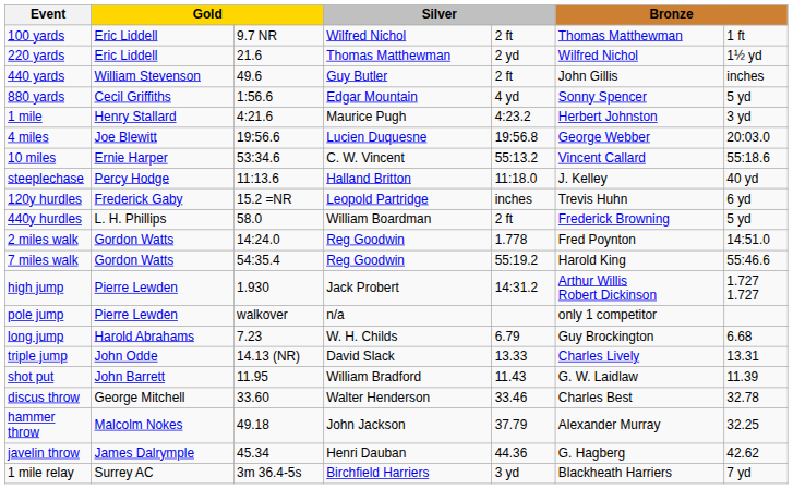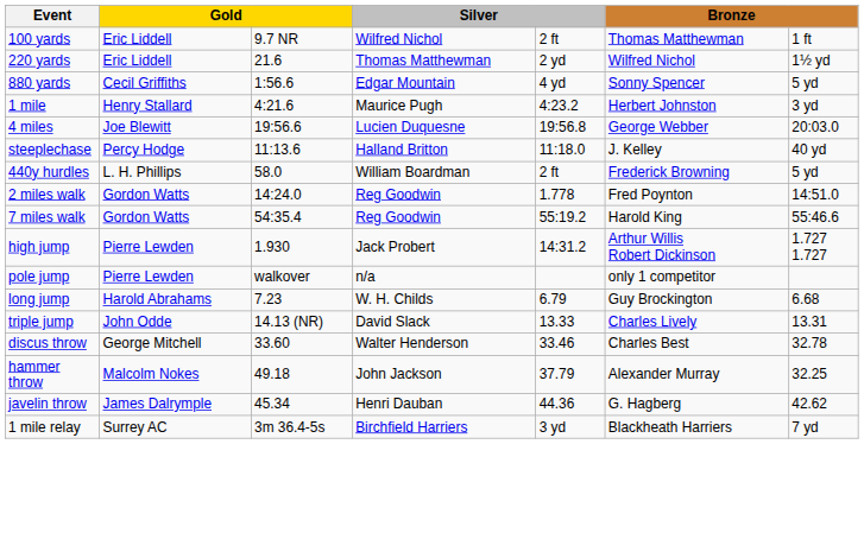 <table class="wikitable" style="text-align:left">
 <tr>
 <th width=100>Event</th>
 <th colspan="2" width="280" style="background:gold;">Gold</th>
 <th colspan="2" width="280" style="background:silver;">Silver</th>
 <th colspan="2" width="280" style="background:#CD7F32;">Bronze</th>
 </tr>
 <tr>
 <td><a href='#'>100 yards</a></td>
 <td> <a href='#'>Eric Liddell</a></td>
 <td>9.7 NR</td>
 <td><a href='#'>Wilfred Nichol</a></td>
 <td>2 ft</td>
 <td><a href='#'>Thomas Matthewman</a></td>
 <td>1 ft</td>
 </tr>
 <tr>
 <td><a href='#'>220 yards</a></td>
 <td> <a href='#'>Eric Liddell</a></td>
 <td>21.6</td>
 <td><a href='#'>Thomas Matthewman</a></td>
 <td>2 yd</td>
 <td><a href='#'>Wilfred Nichol</a></td>
 <td>1½ yd</td>
-</tr>
-<tr>
-<td><a href='#'>440 yards</a></td>
-<td> <a href='#'>William Stevenson</a></td>
-<td>49.6</td>
-<td><a href='#'>Guy Butler</a></td>
-<td>2 ft</td>
-<td>John Gillis</td>
-<td>inches</td>
 </tr>
 <tr>
 <td><a href='#'>880 yards</a></td>
 <td> <a href='#'>Cecil Griffiths</a></td>
 <td>1:56.6</td>
 <td><a href='#'>Edgar Mountain</a></td>
 <td>4 yd</td>
 <td><a href='#'>Sonny Spencer</a></td>
 <td>5 yd</td>
 </tr>
 <tr>
 <td><a href='#'>1 mile</a></td>
 <td><a href='#'>Henry Stallard</a></td>
 <td>4:21.6</td>
 <td>Maurice Pugh</td>
 <td>4:23.2</td>
 <td><a href='#'>Herbert Johnston</a></td>
 <td>3 yd</td>
 </tr>
 <tr>
 <td><a href='#'>4 miles</a></td>
 <td><a href='#'>Joe Blewitt</a></td>
 <td>19:56.6</td>
 <td> <a href='#'>Lucien Duquesne</a></td>
 <td>19:56.8</td>
 <td><a href='#'>George Webber</a></td>
 <td>20:03.0</td>
 </tr>
 <tr>
-<td><a href='#'>10 miles</a></td>
-<td><a href='#'>Ernie Harper</a></td>
-<td>53:34.6</td>
-<td>C. W. Vincent</td>
-<td>55:13.2</td>
-<td> <a href='#'>Vincent Callard</a></td>
-<td>55:18.6</td>
-</tr>
-<tr>
 <td><a href='#'>steeplechase</a></td>
 <td><a href='#'>Percy Hodge</a></td>
 <td>11:13.6</td>
 <td><a href='#'>Halland Britton</a></td>
 <td>11:18.0</td>
 <td>J. Kelley</td>
 <td>40 yd</td>
-</tr>
-<tr>
-<td><a href='#'>120y hurdles</a></td>
-<td><a href='#'>Frederick Gaby</a></td>
-<td>15.2 =NR</td>
-<td><a href='#'>Leopold Partridge</a></td>
-<td>inches</td>
-<td> Trevis Huhn</td>
-<td>6 yd</td>
 </tr>
 <tr>
 <td><a href='#'>440y hurdles</a></td>
 <td>L. H. Phillips</td>
 <td>58.0</td>
 <td>William Boardman</td>
 <td>2 ft</td>
 <td><a href='#'>Frederick Browning</a></td>
 <td>5 yd</td>
 </tr>
 <tr>
 <td><a href='#'>2 miles walk</a></td>
 <td><a href='#'>Gordon Watts</a></td>
 <td>14:24.0</td>
 <td><a href='#'>Reg Goodwin</a></td>
 <td>1.778</td>
 <td>Fred Poynton</td>
 <td>14:51.0</td>
 </tr>
 <tr>
 <td><a href='#'>7 miles walk</a></td>
 <td><a href='#'>Gordon Watts</a></td>
 <td>54:35.4</td>
 <td><a href='#'>Reg Goodwin</a></td>
 <td>55:19.2</td>
 <td>Harold King</td>
 <td>55:46.6</td>
 </tr>
 <tr>
 <td><a href='#'>high jump</a></td>
 <td> <a href='#'>Pierre Lewden</a></td>
 <td>1.930</td>
 <td>Jack Probert</td>
 <td>14:31.2</td>
 <td><a href='#'>Arthur Willis</a><br><a href='#'>Robert Dickinson</a></td>
 <td>1.727<br>1.727</td>
 </tr>
 <tr>
 <td><a href='#'>pole jump</a></td>
 <td> <a href='#'>Pierre Lewden</a></td>
 <td>walkover</td>
 <td>n/a</td>
 <td></td>
 <td>only 1 competitor</td>
 <td></td>
 </tr>
 <tr>
 <td><a href='#'>long jump</a></td>
 <td><a href='#'>Harold Abrahams</a></td>
 <td>7.23</td>
 <td>W. H. Childs</td>
 <td>6.79</td>
 <td>Guy Brockington</td>
 <td>6.68</td>
 </tr>
 <tr>
 <td><a href='#'>triple jump</a></td>
 <td><a href='#'>John Odde</a></td>
 <td>14.13 (NR)</td>
 <td>David Slack</td>
 <td>13.33</td>
 <td><a href='#'>Charles Lively</a></td>
 <td>13.31</td>
 </tr>
 <tr>
-<td><a href='#'>shot put</a></td>
-<td> <a href='#'>John Barrett</a></td>
-<td>11.95</td>
-<td>William Bradford</td>
-<td>11.43</td>
-<td>G. W. Laidlaw</td>
-<td>11.39</td>
-</tr>
-<tr>
 <td><a href='#'>discus throw</a></td>
 <td>George Mitchell</td>
 <td>33.60</td>
 <td>Walter Henderson</td>
 <td>33.46</td>
 <td>Charles Best</td>
 <td>32.78</td>
 </tr>
 <tr>
 <td><a href='#'>hammer throw</a></td>
 <td><a href='#'>Malcolm Nokes</a></td>
 <td>49.18</td>
 <td> John Jackson</td>
 <td>37.79</td>
 <td>Alexander Murray</td>
 <td>32.25</td>
 </tr>
 <tr>
 <td><a href='#'>javelin throw</a></td>
 <td> <a href='#'>James Dalrymple</a></td>
 <td>45.34</td>
 <td> Henri Dauban</td>
 <td>44.36</td>
 <td>G. Hagberg</td>
 <td>42.62</td>
 </tr>
 <tr>
 <td>1 mile relay</td>
 <td>Surrey AC</td>
 <td>3m 36.4-5s</td>
 <td><a href='#'>Birchfield Harriers</a></td>
 <td>3 yd</td>
 <td>Blackheath Harriers</td>
 <td>7 yd</td>
 </tr>
 </table>
